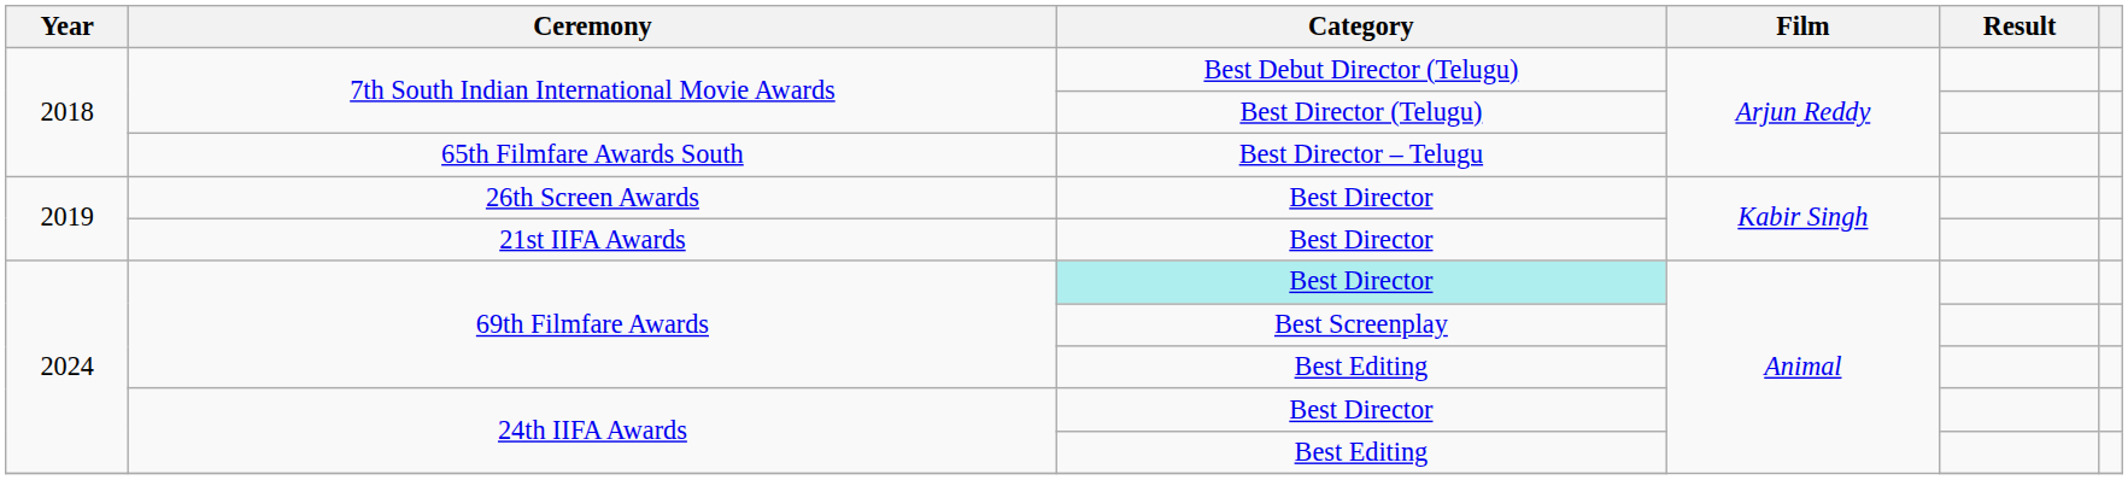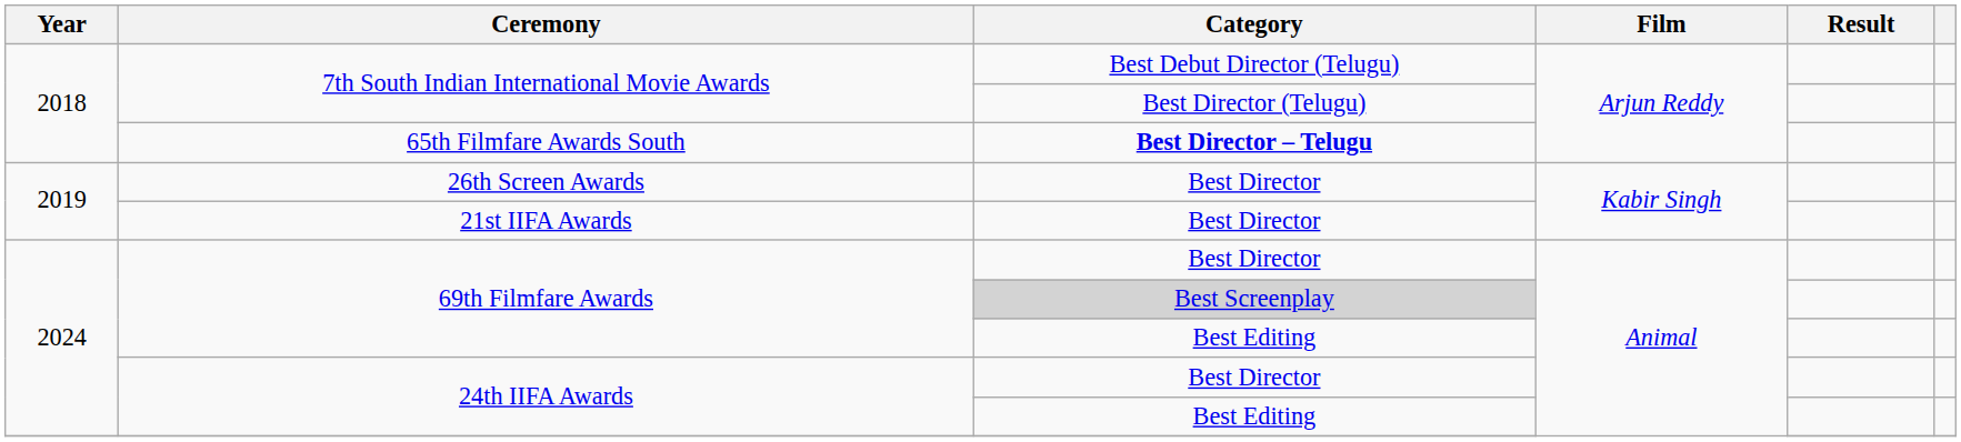 <table class="wikitable sortable" style="width: 100%; text-align: center;">
 <tr>
 <th scope="col">Year</th>
 <th scope="col">Ceremony</th>
 <th scope="col">Category</th>
 <th scope="col">Film</th>
 <th scope="col">Result</th>
 <th scope="col" class="unsortable"></th>
 </tr>
 <tr>
 <td rowspan="3">2018</td>
 <td rowspan="2"><a href='#'>7th South Indian International Movie Awards</a></td>
 <td><a href='#'>Best Debut Director (Telugu)</a></td>
 <td rowspan="3"><em><a href='#'>Arjun Reddy</a></em></td>
 <td></td>
 <td></td>
 </tr>
 <tr>
 <td><a href='#'>Best Director (Telugu)</a></td>
 <td></td>
 <td></td>
 </tr>
 <tr>
 <td><a href='#'>65th Filmfare Awards South</a></td>
-<td><a href='#'>Best Director – Telugu</a></td>
+<td><strong><a href='#'>Best Director – Telugu</a></strong></td>
 <td></td>
 <td></td>
 </tr>
 <tr>
 <td rowspan="2">2019</td>
 <td><a href='#'>26th Screen Awards</a></td>
 <td><a href='#'>Best Director</a></td>
 <td rowspan="2"><em><a href='#'>Kabir Singh</a></em></td>
 <td></td>
 <td></td>
 </tr>
 <tr>
 <td><a href='#'>21st IIFA Awards</a></td>
 <td><a href='#'>Best Director</a></td>
 <td></td>
 <td></td>
 </tr>
 <tr>
 <td rowspan="5">2024</td>
 <td rowspan="3"><a href='#'>69th Filmfare Awards</a></td>
-<td style="background: paleturquoise;"><a href='#'>Best Director</a></td>
+<td><a href='#'>Best Director</a></td>
 <td rowspan="7"><em><a href='#'>Animal</a></em></td>
 <td></td>
 <td></td>
 </tr>
 <tr>
-<td><a href='#'>Best Screenplay</a></td>
+<td style="background: lightgrey;"><a href='#'>Best Screenplay</a></td>
 <td></td>
 <td></td>
 </tr>
 <tr>
 <td><a href='#'>Best Editing</a></td>
 <td></td>
 <td></td>
 </tr>
 <tr>
 <td rowspan="2"><a href='#'>24th IIFA Awards</a></td>
 <td><a href='#'>Best Director</a></td>
 <td></td>
 <td></td>
 </tr>
 <tr>
 <td><a href='#'>Best Editing</a></td>
 <td></td>
 <td></td>
 </tr>
 <tr>
 </tr>
 </table>
